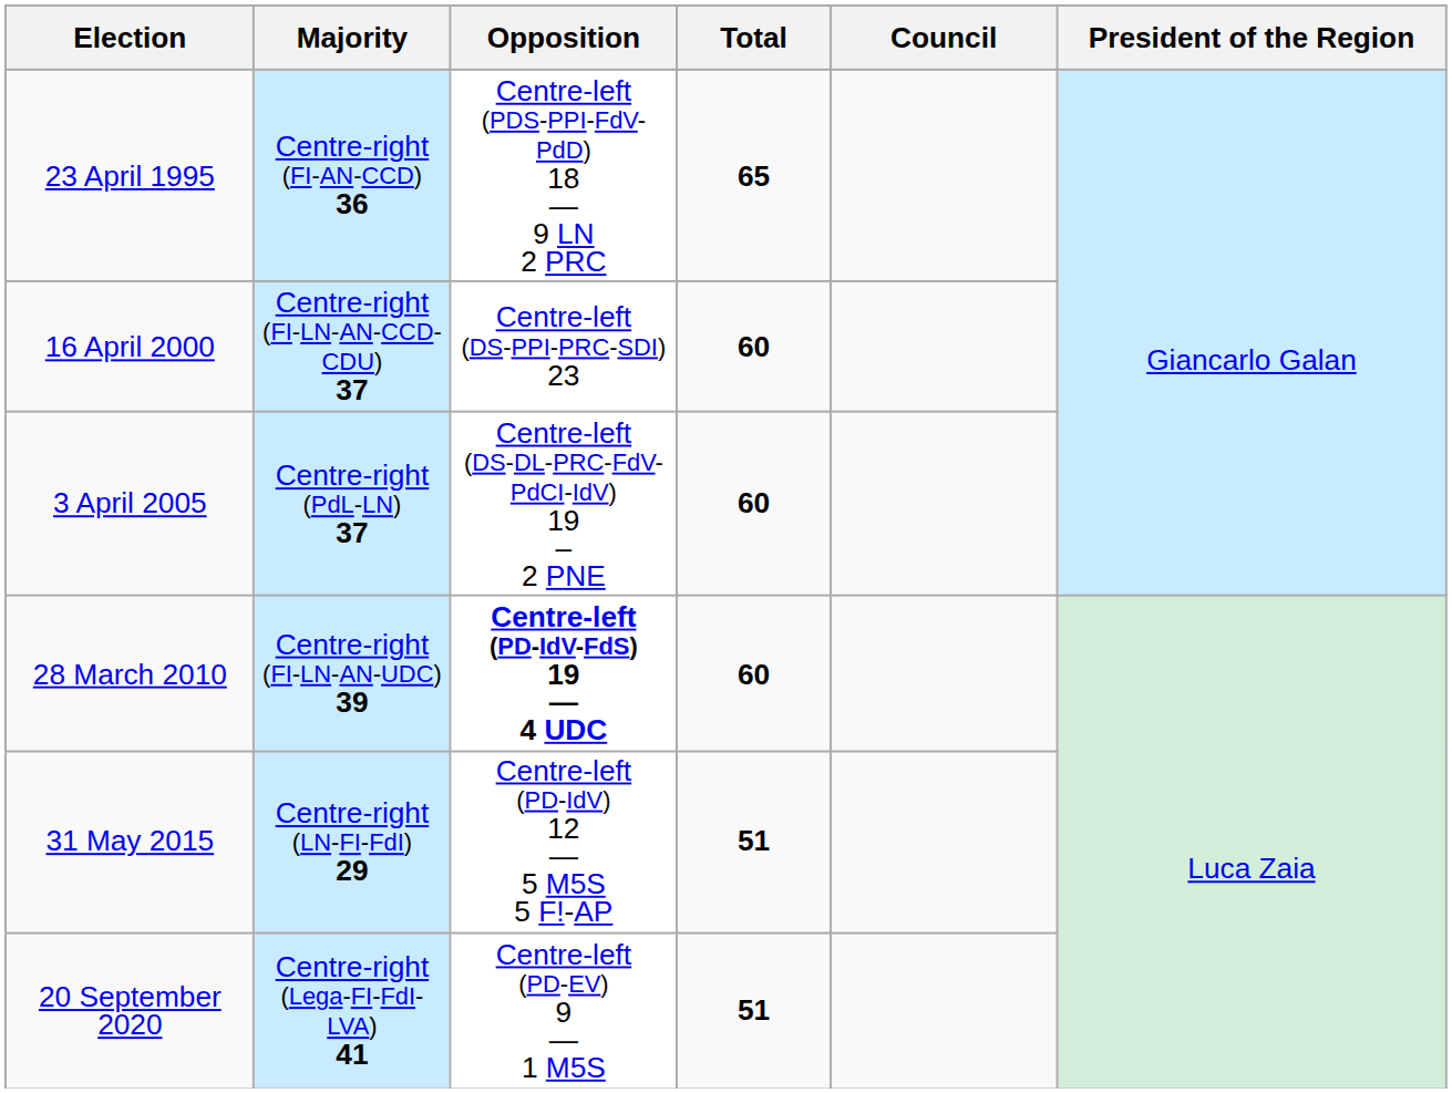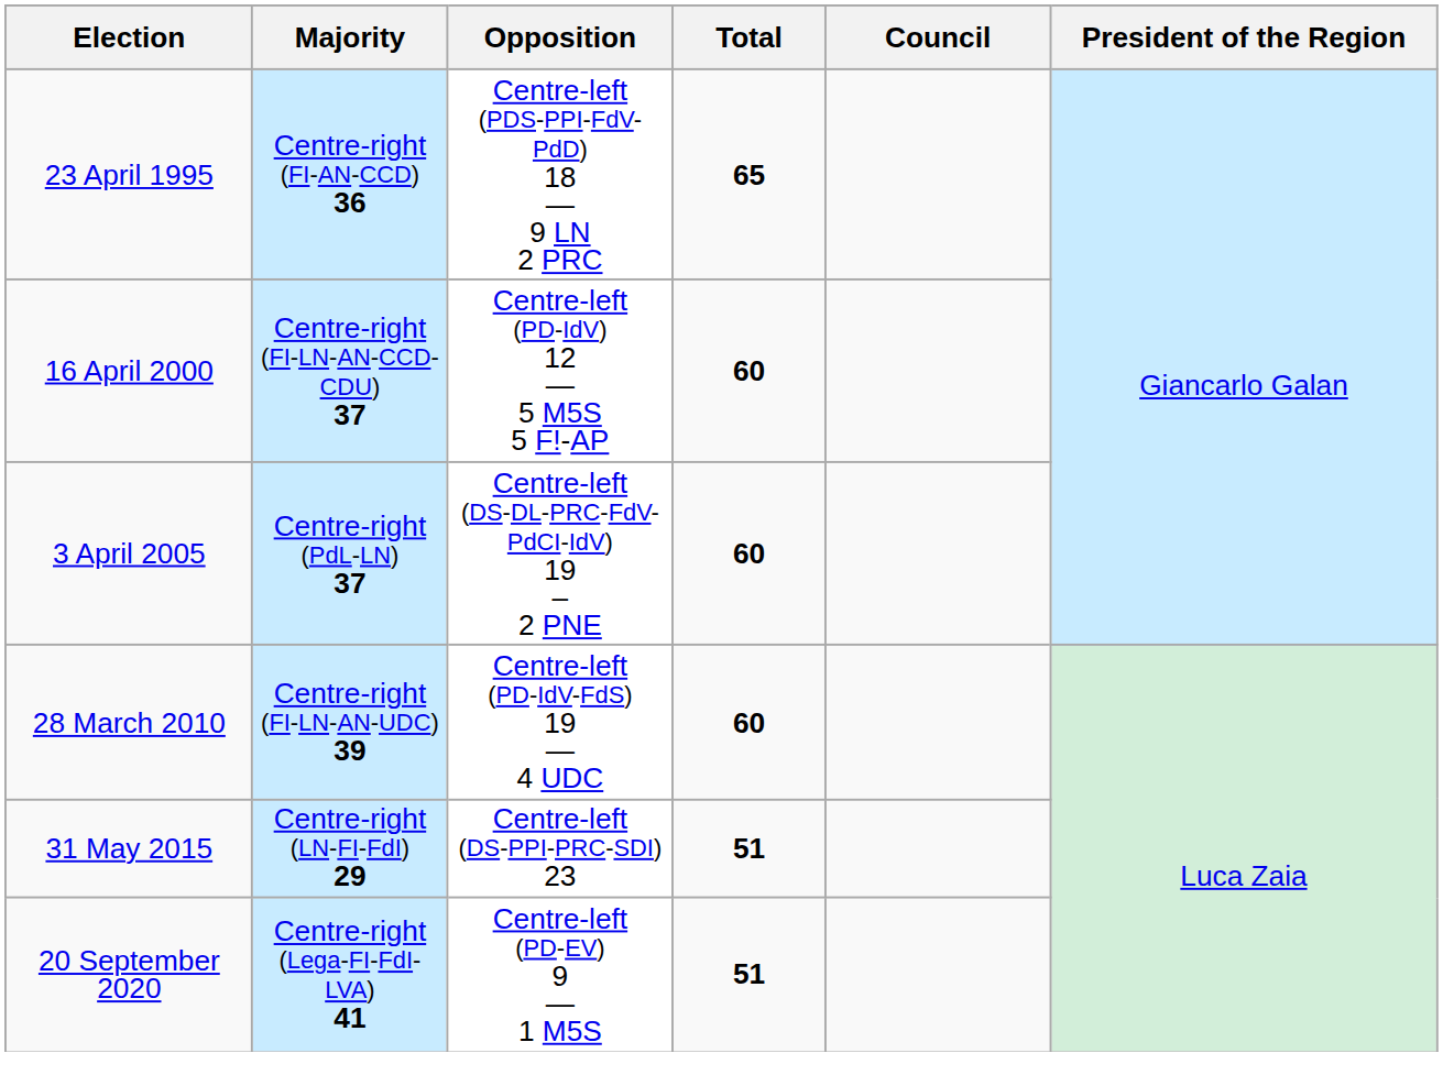 <table class="wikitable" style="text-align:center;font-size:85%;line-height:13px">
 <tr style="height:30px; background-color:#E9E9E9">
 <th style="width:110px;">Election</th>
 <th style="width:85px;">Majority</th>
 <th style="width:100px;">Opposition</th>
 <th style="width:65px;">Total</th>
 <th style="width:100px;">Council</th>
 <th style="width:175px;">President of the Region</th>
 </tr>
 <tr>
 <td><a href='#'>23 April 1995</a></td>
 <td style="background:#C8EBFF; text-align:center;"><a href='#'>Centre-right</a><br><small>(<a href='#'>FI</a>-<a href='#'>AN</a>-<a href='#'>CCD</a>)</small><br><strong>36</strong></td>
 <td style="background:white; text-align:center;"><a href='#'>Centre-left</a><br><small>(<a href='#'>PDS</a>-<a href='#'>PPI</a>-<a href='#'>FdV</a>-<a href='#'>PdD</a>)</small><br>18<br>—<br>9 <a href='#'>LN</a><br>2 <a href='#'>PRC</a></td>
 <td><strong>65</strong></td>
 <td></td>
 <td rowspan="3" style="background:#C8EBFF; text-align:centre;"><br><br><a href='#'>Giancarlo Galan</a></td>
 </tr>
 <tr>
 <td><a href='#'>16 April 2000</a></td>
 <td style="background:#C8EBFF; text-align:center;"><a href='#'>Centre-right</a><br><small>(<a href='#'>FI</a>-<a href='#'>LN</a>-<a href='#'>AN</a>-<a href='#'>CCD</a>-<a href='#'>CDU</a>)</small><br><strong>37</strong></td>
-<td style="background:white; text-align:center;"><a href='#'>Centre-left</a><br><small>(<a href='#'>DS</a>-<a href='#'>PPI</a>-<a href='#'>PRC</a>-<a href='#'>SDI</a>)</small><br>23</td>
+<td style="background:white; text-align:center;"><a href='#'>Centre-left</a><br><small>(<a href='#'>PD</a>-<a href='#'>IdV</a>)</small><br>12<br>—<br>5 <a href='#'>M5S</a><br>5 <a href='#'>F!</a>-<a href='#'>AP</a></td>
 <td><strong>60</strong></td>
 <td></td>
 </tr>
 <tr>
 <td><a href='#'>3 April 2005</a></td>
 <td style="background:#C8EBFF; text-align:center;"><a href='#'>Centre-right</a><br><small>(<a href='#'>PdL</a>-<a href='#'>LN</a>)</small><br><strong>37</strong></td>
 <td style="background:white; text-align:center;"><a href='#'>Centre-left</a><br><small>(<a href='#'>DS</a>-<a href='#'>DL</a>-<a href='#'>PRC</a>-<a href='#'>FdV</a>-<a href='#'>PdCI</a>-<a href='#'>IdV</a>)</small><br>19<br>–<br>2 <a href='#'>PNE</a></td>
 <td><strong>60</strong></td>
 <td></td>
 </tr>
 <tr>
 <td><a href='#'>28 March 2010</a></td>
 <td style="background:#C8EBFF; text-align:center;"><a href='#'>Centre-right</a><br><small>(<a href='#'>FI</a>-<a href='#'>LN</a>-<a href='#'>AN</a>-<a href='#'>UDC</a>)</small><br><strong>39</strong></td>
-<td style="background:white; text-align:center;"><strong><a href='#'>Centre-left</a><br><small>(<a href='#'>PD</a>-<a href='#'>IdV</a>-<a href='#'>FdS</a>)</small><br>19<br>—<br>4 <a href='#'>UDC</a></strong></td>
+<td style="background:white; text-align:center;"><a href='#'>Centre-left</a><br><small>(<a href='#'>PD</a>-<a href='#'>IdV</a>-<a href='#'>FdS</a>)</small><br>19<br>—<br>4 <a href='#'>UDC</a></td>
 <td><strong>60</strong></td>
 <td></td>
 <td rowspan=3 style="background:#D2EED9; text-align:centre;"><br><br><a href='#'>Luca Zaia</a></td>
 </tr>
 <tr>
 <td><a href='#'>31 May 2015</a></td>
 <td style="background:#C8EBFF; text-align:center;"><a href='#'>Centre-right</a><br><small>(<a href='#'>LN</a>-<a href='#'>FI</a>-<a href='#'>FdI</a>)</small><br><strong>29</strong></td>
-<td style="background:white; text-align:center;"><a href='#'>Centre-left</a><br><small>(<a href='#'>PD</a>-<a href='#'>IdV</a>)</small><br>12<br>—<br>5 <a href='#'>M5S</a><br>5 <a href='#'>F!</a>-<a href='#'>AP</a></td>
+<td style="background:white; text-align:center;"><a href='#'>Centre-left</a><br><small>(<a href='#'>DS</a>-<a href='#'>PPI</a>-<a href='#'>PRC</a>-<a href='#'>SDI</a>)</small><br>23</td>
 <td><strong>51</strong></td>
 <td></td>
 </tr>
 <tr>
 <td><a href='#'>20 September 2020</a></td>
 <td style="background:#C8EBFF; text-align:center;"><a href='#'>Centre-right</a><br><small>(<a href='#'>Lega</a>-<a href='#'>FI</a>-<a href='#'>FdI</a>-<a href='#'>LVA</a>)</small><br><strong>41</strong></td>
 <td style="background:white; text-align:center;"><a href='#'>Centre-left</a><br><small>(<a href='#'>PD</a>-<a href='#'>EV</a>)</small><br>9<br>—<br>1 <a href='#'>M5S</a></td>
 <td><strong>51</strong></td>
 <td></td>
 </tr>
 </table>
